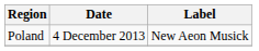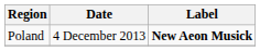 <table class="wikitable plainrowheaders">
 <tr>
 <th scope="col">Region</th>
 <th scope="col">Date</th>
 <th scope="col">Label</th>
 </tr>
 <tr>
 <td>Poland</td>
 <td>4 December 2013</td>
-<td>New Aeon Musick</td>
+<td><strong>New Aeon Musick</strong></td>
 </tr>
 <tr>
 </tr>
 </table>
